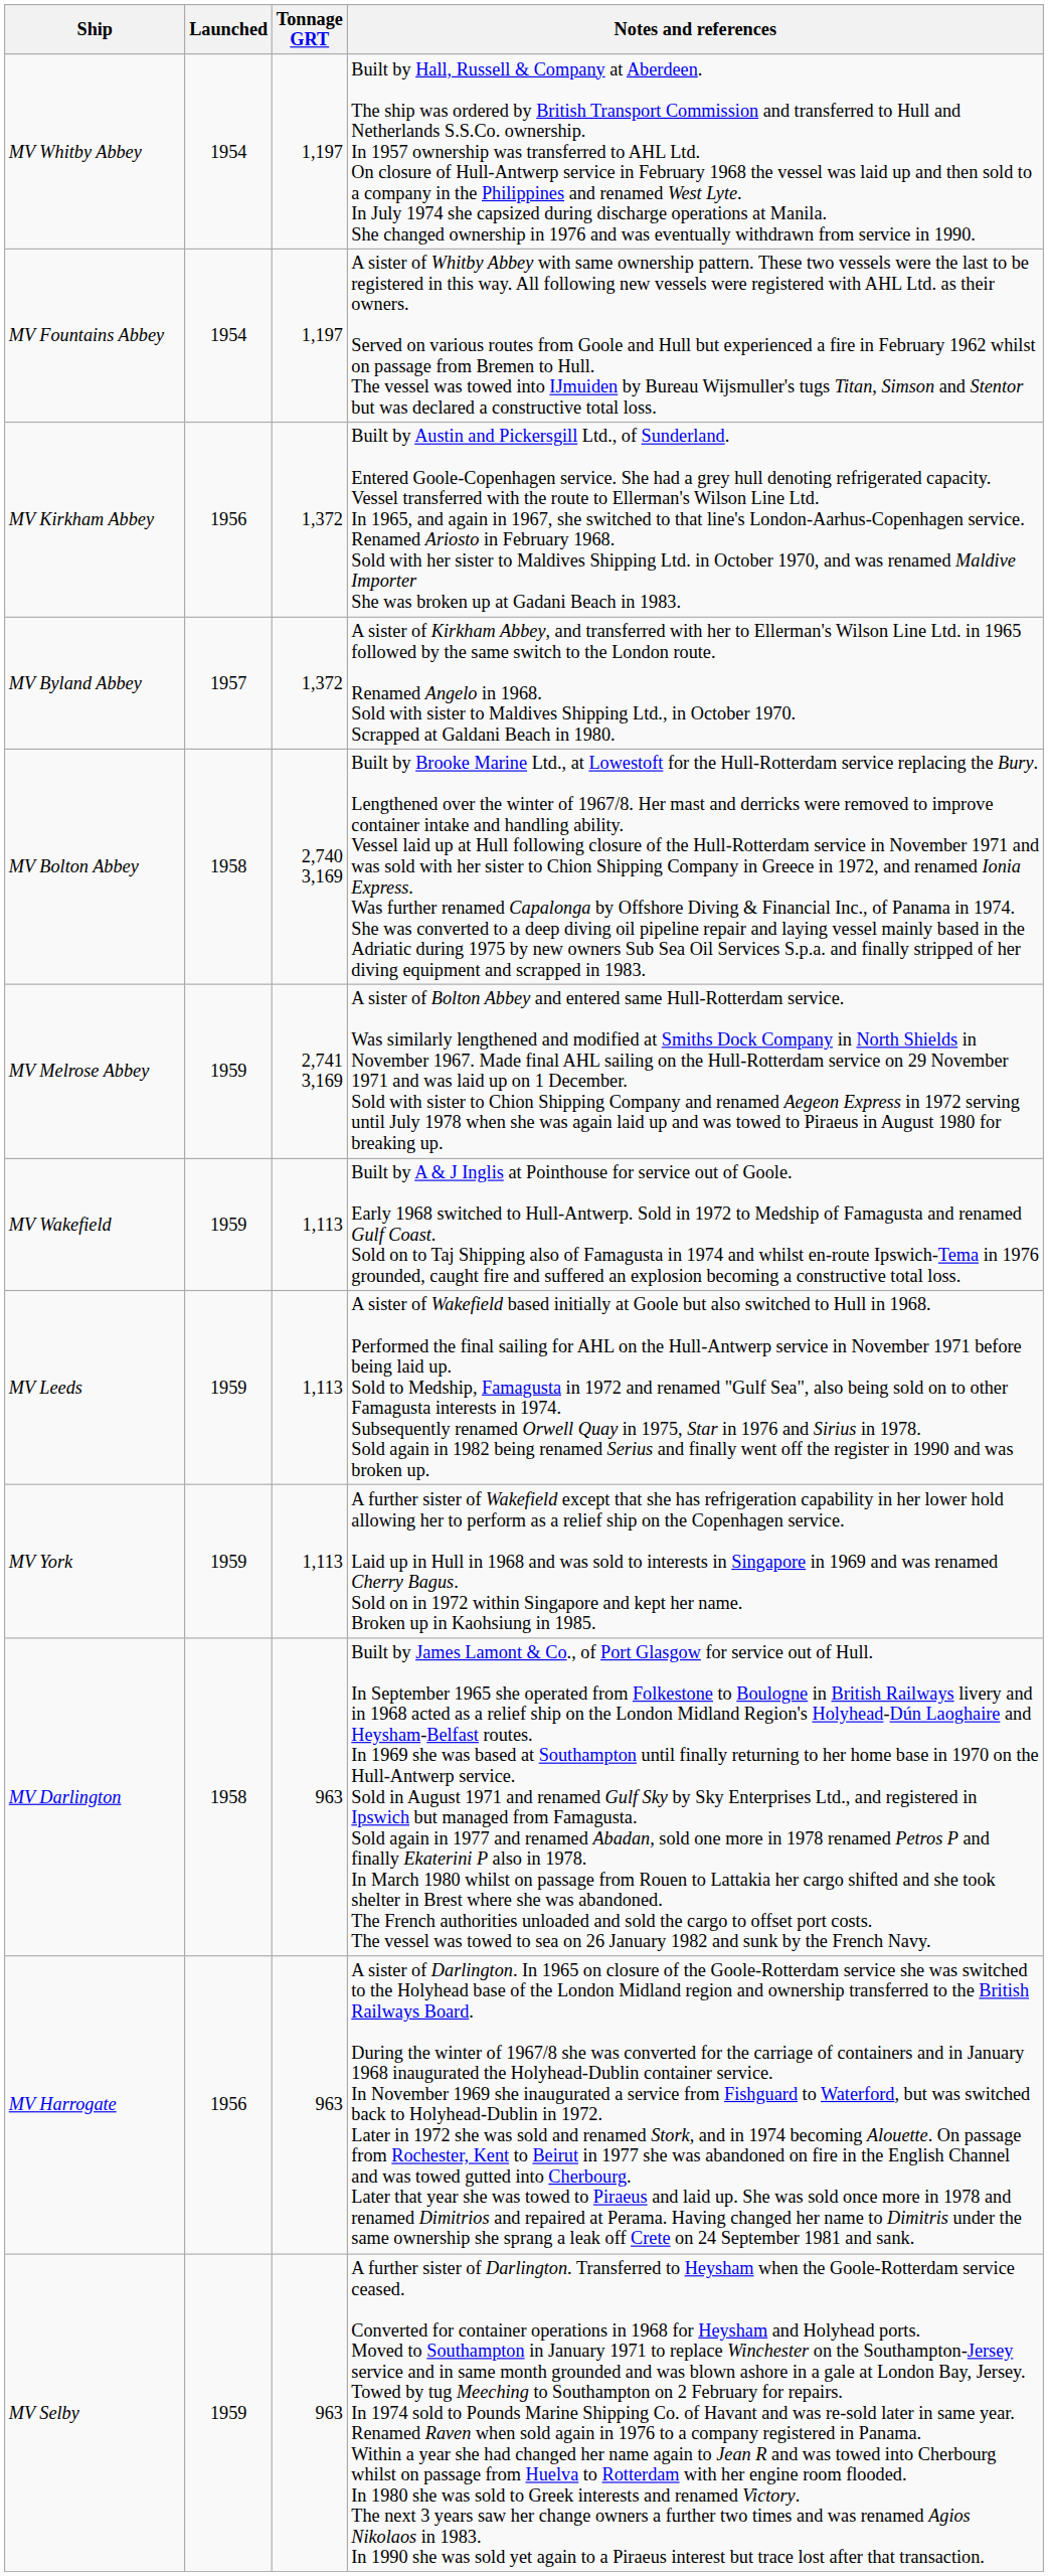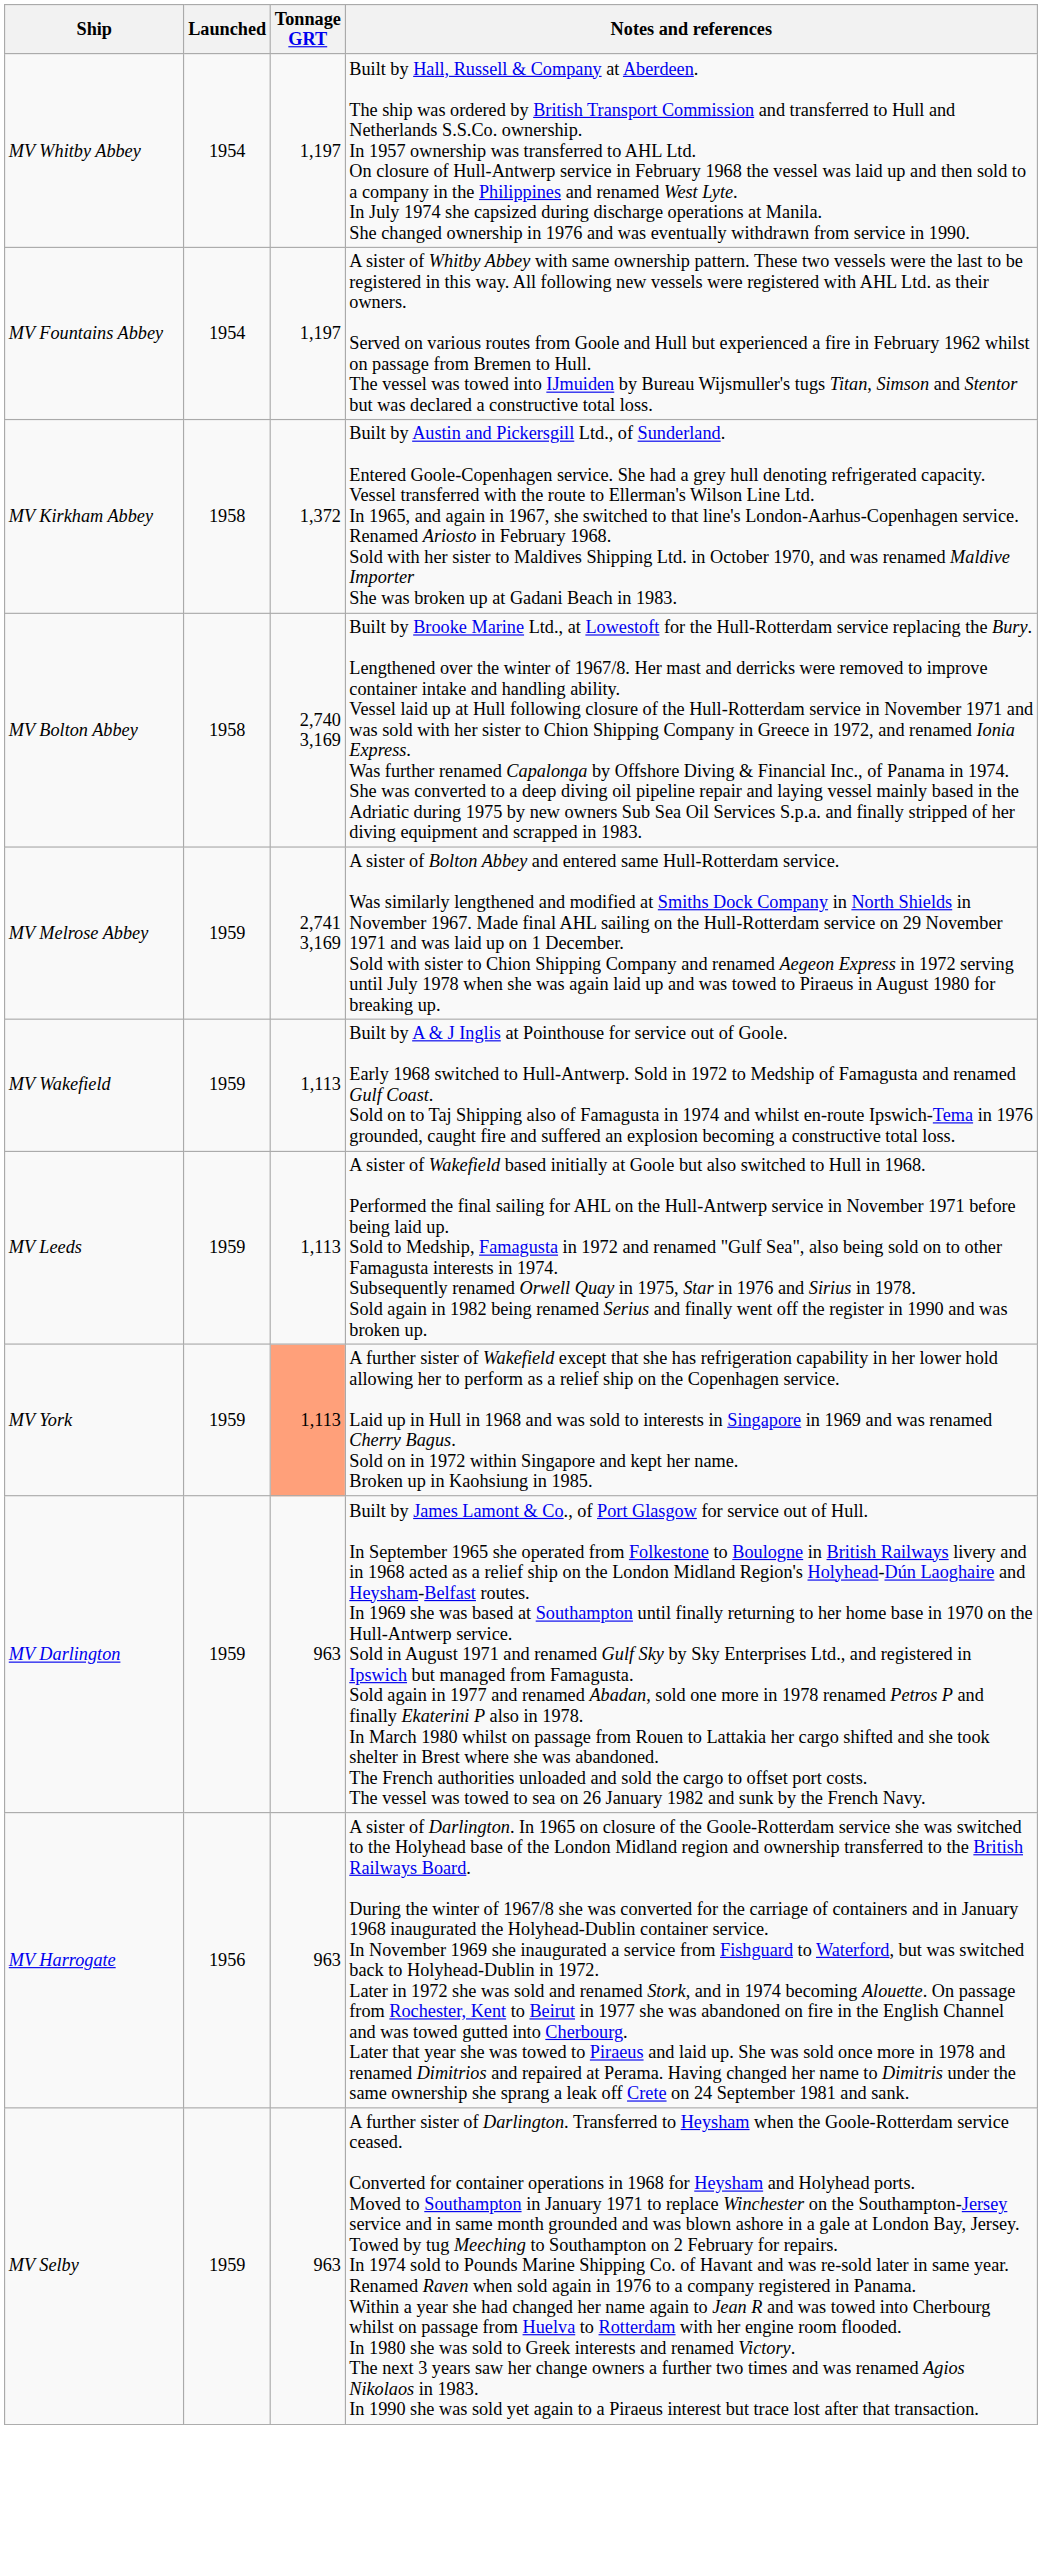 <table class="wikitable sortable">
 <tr>
 <th scope="col" width="150px">Ship</th>
 <th scope="col" width="25px">Launched</th>
 <th scope="col" width="25px">Tonnage <a href='#'>GRT</a></th>
 <th scope="col" width="600px">Notes and references</th>
 </tr>
 <tr>
 <td><em>MV Whitby Abbey</em></td>
 <td align="center">1954</td>
 <td align="right">1,197</td>
 <td>Built by <a href='#'>Hall, Russell & Company</a> at <a href='#'>Aberdeen</a>.<br><br>The ship was ordered by <a href='#'>British Transport Commission</a> and transferred to Hull and Netherlands S.S.Co. ownership.<br> In 1957 ownership was transferred to AHL Ltd.<br> On closure of Hull-Antwerp service in February 1968 the vessel was laid up and then sold to a company in the <a href='#'>Philippines</a> and renamed <em>West Lyte</em>.<br> In July 1974 she capsized during discharge operations at Manila.<br> She changed ownership in 1976 and was eventually withdrawn from service in 1990.</td>
 </tr>
 <tr>
 <td><em>MV Fountains Abbey</em></td>
 <td align="center">1954</td>
 <td align="right">1,197</td>
 <td>A sister of <em>Whitby Abbey</em> with same ownership pattern. These two vessels were the last to be registered in this way. All following new vessels were registered with AHL Ltd. as their owners.<br><br>Served on various routes from Goole and Hull but experienced a fire in February 1962 whilst on passage from Bremen to Hull.<br> The vessel was towed into <a href='#'>IJmuiden</a> by Bureau Wijsmuller's tugs <em>Titan</em>, <em>Simson</em> and <em>Stentor</em> but was declared a constructive total loss.</td>
 </tr>
 <tr>
 <td><em>MV Kirkham Abbey</em></td>
-<td align="center">1956</td>
+<td align="center">1958</td>
 <td align="right">1,372</td>
 <td>Built by <a href='#'>Austin and Pickersgill</a> Ltd., of <a href='#'>Sunderland</a>.<br><br>Entered Goole-Copenhagen service. She had a grey hull denoting refrigerated capacity.<br> Vessel transferred with the route to Ellerman's Wilson Line Ltd.<br> In 1965, and again in 1967, she switched to that line's London-Aarhus-Copenhagen service.<br> Renamed <em>Ariosto</em> in February 1968.<br> Sold with her sister to Maldives Shipping Ltd. in October 1970, and was renamed <em>Maldive Importer</em><br> She was broken up at Gadani Beach in 1983.</td>
-</tr>
-<tr>
-<td><em>MV Byland Abbey</em></td>
-<td align="center">1957</td>
-<td align="right">1,372</td>
-<td>A sister of <em>Kirkham Abbey</em>, and transferred with her to Ellerman's Wilson Line Ltd. in 1965 followed by the same switch to the London route.<br><br>Renamed <em>Angelo</em> in 1968.<br> Sold with sister to Maldives Shipping Ltd., in October 1970.<br> Scrapped at Galdani Beach in 1980.</td>
 </tr>
 <tr>
 <td><em>MV Bolton Abbey</em></td>
 <td align="center">1958</td>
 <td align="right">2,740<br>3,169</td>
 <td>Built by <a href='#'>Brooke Marine</a> Ltd., at <a href='#'>Lowestoft</a> for the Hull-Rotterdam service replacing the <em>Bury</em>.<br><br>Lengthened over the winter of 1967/8. Her mast and derricks were removed to improve container intake and handling ability.<br> Vessel laid up at Hull following closure of the Hull-Rotterdam service in November 1971 and was sold with her sister to Chion Shipping Company in Greece in 1972, and renamed <em>Ionia Express</em>.<br> Was further renamed <em>Capalonga</em> by Offshore Diving & Financial Inc., of Panama in 1974.<br> She was converted to a deep diving oil pipeline repair and laying vessel mainly based in the Adriatic during 1975 by new owners Sub Sea Oil Services S.p.a. and finally stripped of her diving equipment and scrapped in 1983.</td>
 </tr>
 <tr>
 <td><em>MV Melrose Abbey</em></td>
 <td align="center">1959</td>
 <td align="right">2,741<br>3,169</td>
 <td>A sister of <em>Bolton Abbey</em> and entered same Hull-Rotterdam service.<br><br>Was similarly lengthened and modified at <a href='#'>Smiths Dock Company</a> in <a href='#'>North Shields</a> in November 1967. Made final AHL sailing on the Hull-Rotterdam service on 29 November 1971 and was laid up on 1 December.<br> Sold with sister to Chion Shipping Company and renamed <em>Aegeon Express</em> in 1972 serving until July 1978 when she was again laid up and was towed to Piraeus in August 1980 for breaking up.</td>
 </tr>
 <tr>
 <td><em>MV Wakefield</em></td>
 <td align="center">1959</td>
 <td align="right">1,113</td>
 <td>Built by <a href='#'>A & J Inglis</a> at Pointhouse for service out of Goole.<br><br>Early 1968 switched to Hull-Antwerp. Sold in 1972 to Medship of Famagusta and renamed <em>Gulf Coast</em>.<br> Sold on to Taj Shipping also of Famagusta in 1974 and whilst en-route Ipswich-<a href='#'>Tema</a> in 1976 grounded, caught fire and suffered an explosion becoming a constructive total loss.</td>
 </tr>
 <tr>
 <td><em>MV Leeds</em></td>
 <td align="center">1959</td>
 <td align="right">1,113</td>
 <td>A sister of <em>Wakefield</em> based initially at Goole but also switched to Hull in 1968.<br><br>Performed the final sailing for AHL on the Hull-Antwerp service in November 1971 before being laid up.<br> Sold to Medship, <a href='#'>Famagusta</a> in 1972 and renamed "Gulf Sea", also being sold on to other Famagusta interests in 1974.<br> Subsequently renamed <em>Orwell Quay</em> in 1975, <em>Star</em> in 1976 and <em>Sirius</em> in 1978.<br> Sold again in 1982 being renamed <em>Serius</em> and finally went off the register in 1990 and was broken up.</td>
 </tr>
 <tr>
 <td><em>MV York</em></td>
 <td align="center">1959</td>
-<td align="right">1,113</td>
+<td align="right" style="background: lightsalmon;">1,113</td>
 <td>A further sister of <em>Wakefield</em> except that she has refrigeration capability in her lower hold allowing her to perform as a relief ship on the Copenhagen service.<br><br>Laid up in Hull in 1968 and was sold to interests in <a href='#'>Singapore</a> in 1969 and was renamed <em>Cherry Bagus</em>.<br> Sold on in 1972 within Singapore and kept her name.<br> Broken up in Kaohsiung in 1985.</td>
 </tr>
 <tr>
 <td><em><a href='#'>MV Darlington</a></em></td>
-<td align="center">1958</td>
+<td align="center">1959</td>
 <td align="right">963</td>
 <td>Built by <a href='#'>James Lamont & Co</a>., of <a href='#'>Port Glasgow</a> for service out of Hull.<br><br>In September 1965 she operated from <a href='#'>Folkestone</a> to <a href='#'>Boulogne</a> in <a href='#'>British Railways</a> livery and in 1968 acted as a relief ship on the London Midland Region's <a href='#'>Holyhead</a>-<a href='#'>Dún Laoghaire</a> and <a href='#'>Heysham</a>-<a href='#'>Belfast</a> routes.<br> In 1969 she was based at <a href='#'>Southampton</a> until finally returning to her home base in 1970 on the Hull-Antwerp service.<br> Sold in August 1971 and renamed <em>Gulf Sky</em> by Sky Enterprises Ltd., and registered in <a href='#'>Ipswich</a> but managed from Famagusta.<br> Sold again in 1977 and renamed <em>Abadan</em>, sold one more in 1978 renamed <em>Petros P</em> and finally <em>Ekaterini P</em> also in 1978.<br> In March 1980 whilst on passage from Rouen to Lattakia her cargo shifted and she took shelter in Brest where she was abandoned.<br> The French authorities unloaded and sold the cargo to offset port costs.<br> The vessel was towed to sea on 26 January 1982 and sunk by the French Navy.</td>
 </tr>
 <tr>
 <td><em><a href='#'>MV Harrogate</a></em></td>
 <td align="center">1956</td>
 <td align="right">963</td>
 <td>A sister of <em>Darlington</em>. In 1965 on closure of the Goole-Rotterdam service she was switched to the Holyhead base of the London Midland region and ownership transferred to the <a href='#'>British Railways Board</a>.<br><br>During the winter of 1967/8 she was converted for the carriage of containers and in January 1968 inaugurated the Holyhead-Dublin container service.<br> In November 1969 she inaugurated a service from <a href='#'>Fishguard</a> to <a href='#'>Waterford</a>, but was switched back to Holyhead-Dublin in 1972.<br> Later in 1972 she was sold and renamed <em>Stork</em>, and in 1974 becoming <em>Alouette</em>. On passage from <a href='#'>Rochester, Kent</a> to <a href='#'>Beirut</a> in 1977 she was abandoned on fire in the English Channel and was towed gutted into <a href='#'>Cherbourg</a>.<br> Later that year she was towed to <a href='#'>Piraeus</a> and laid up. She was sold once more in 1978 and renamed <em>Dimitrios</em> and repaired at Perama. Having changed her name to <em>Dimitris</em> under the same ownership she sprang a leak off <a href='#'>Crete</a> on 24 September 1981 and sank.</td>
 </tr>
 <tr>
 <td><em>MV Selby</em></td>
 <td align="center">1959</td>
 <td align="right">963</td>
 <td>A further sister of <em>Darlington</em>. Transferred to <a href='#'>Heysham</a> when the Goole-Rotterdam service ceased.<br><br>Converted for container operations in 1968 for <a href='#'>Heysham</a> and Holyhead ports.<br> Moved to <a href='#'>Southampton</a> in January 1971 to replace <em>Winchester</em> on the Southampton-<a href='#'>Jersey</a> service and in same month grounded and was blown ashore in a gale at London Bay, Jersey.<br> Towed by tug <em>Meeching</em> to Southampton on 2 February for repairs.<br> In 1974 sold to Pounds Marine Shipping Co. of Havant and was re-sold later in same year.<br> Renamed <em>Raven</em> when sold again in 1976 to a company registered in Panama.<br> Within a year she had changed her name again to <em>Jean R</em> and was towed into Cherbourg whilst on passage from <a href='#'>Huelva</a> to <a href='#'>Rotterdam</a> with her engine room flooded.<br> In 1980 she was sold to Greek interests and renamed <em>Victory</em>.<br> The next 3 years saw her change owners a further two times and was renamed <em>Agios Nikolaos</em> in 1983.<br> In 1990 she was sold yet again to a Piraeus interest but trace lost after that transaction.</td>
 </tr>
 <tr>
 </tr>
 </table>
